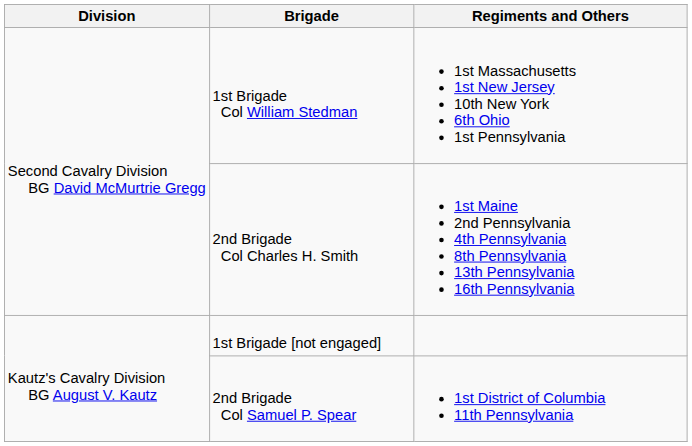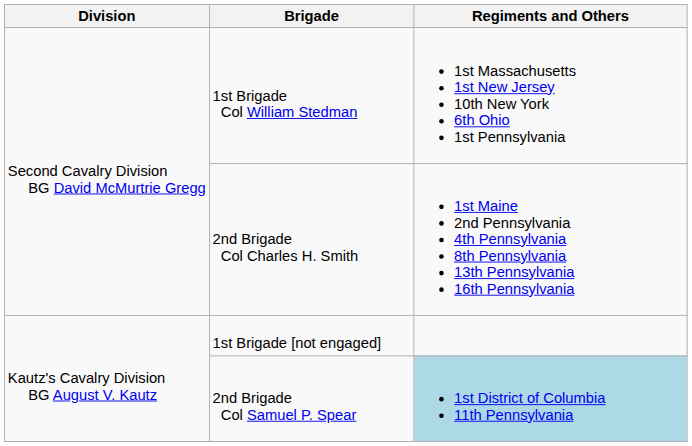 <table class="wikitable">
 <tr>
 <th style="width:30%;">Division</th>
 <th style="width:30%;">Brigade</th>
 <th>Regiments and Others</th>
 </tr>
 <tr>
 <td rowspan=2><br>Second Cavalry Division<br>     BG <a href='#'>David McMurtrie Gregg</a></td>
 <td><br>1st Brigade<br>   Col <a href='#'>William Stedman</a></td>
 <td><br><ul><li>1st Massachusetts</li><li><a href='#'>1st New Jersey</a></li><li>10th New York</li><li><a href='#'>6th Ohio</a></li><li>1st Pennsylvania</li></ul></td>
 </tr>
 <tr>
 <td><br>2nd Brigade<br>   Col Charles H. Smith</td>
 <td><br><ul><li><a href='#'>1st Maine</a></li><li>2nd Pennsylvania</li><li><a href='#'>4th Pennsylvania</a></li><li><a href='#'>8th Pennsylvania</a></li><li><a href='#'>13th Pennsylvania</a></li><li><a href='#'>16th Pennsylvania</a></li></ul></td>
 </tr>
 <tr>
 <td rowspan=2><br>Kautz's Cavalry Division<br>     BG <a href='#'>August V. Kautz</a></td>
 <td><br>1st Brigade [not engaged]</td>
 <td></td>
 </tr>
 <tr>
 <td><br>2nd Brigade<br>   Col <a href='#'>Samuel P. Spear</a></td>
-<td><br><ul><li><a href='#'>1st District of Columbia</a></li><li><a href='#'>11th Pennsylvania</a></li></ul></td>
+<td style="background: lightblue;"><br><ul><li><a href='#'>1st District of Columbia</a></li><li><a href='#'>11th Pennsylvania</a></li></ul></td>
 </tr>
 </table>
